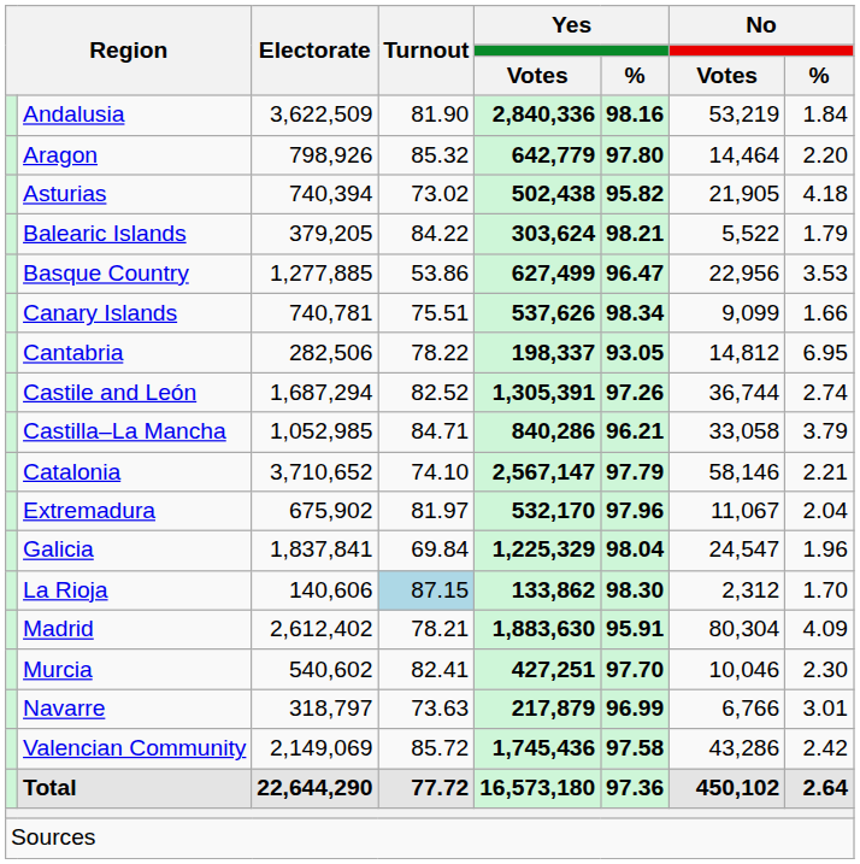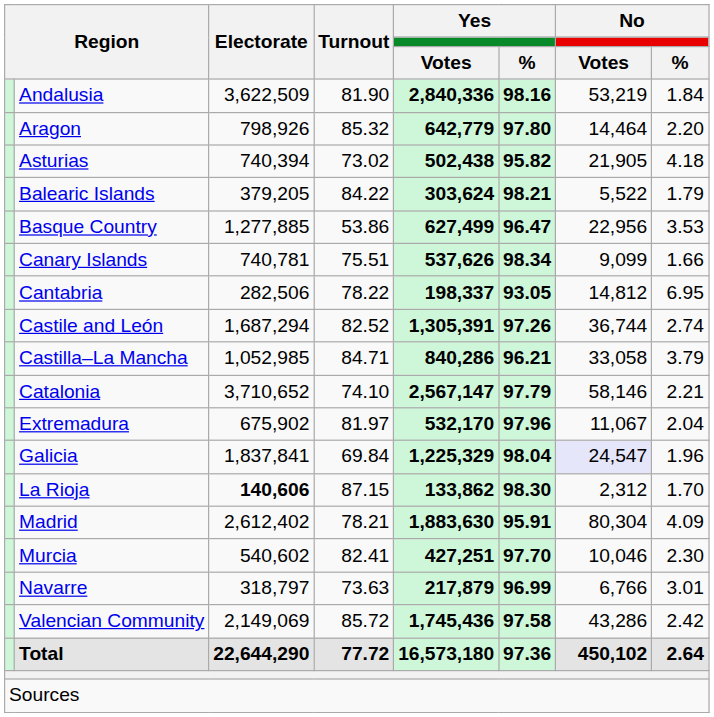 <table class="wikitable sortable" style="text-align:right; line-height:20px;">
 <tr>
 <th width="150" colspan="2" rowspan="3">Region</th>
 <th rowspan="3">Electorate</th>
 <th rowspan="3">Turnout</th>
 <th width="120" colspan="2">Yes</th>
 <th width="120" colspan="2">No</th>
 </tr>
 <tr>
 <th colspan="2" style="background:#088A29;"></th>
 <th colspan="2" style="background:#E90000;"></th>
 </tr>
 <tr>
 <th>Votes</th>
 <th>%</th>
 <th>Votes</th>
 <th>%</th>
 </tr>
 <tr>
 <td width="1" style="color:inherit;background:#CEF6D8;"></td>
 <td align="left"><a href='#'>Andalusia</a></td>
 <td>3,622,509</td>
 <td>81.90</td>
 <td style="background:#CEF6D8;"><strong>2,840,336</strong></td>
 <td style="background:#CEF6D8;"><strong>98.16</strong></td>
 <td>53,219</td>
 <td>1.84</td>
 </tr>
 <tr>
 <td style="color:inherit;background:#CEF6D8;"></td>
 <td align="left"><a href='#'>Aragon</a></td>
 <td>798,926</td>
 <td>85.32</td>
 <td style="background:#CEF6D8;"><strong>642,779</strong></td>
 <td style="background:#CEF6D8;"><strong>97.80</strong></td>
 <td>14,464</td>
 <td>2.20</td>
 </tr>
 <tr>
 <td style="color:inherit;background:#CEF6D8;"></td>
 <td align="left"><a href='#'>Asturias</a></td>
 <td>740,394</td>
 <td>73.02</td>
 <td style="background:#CEF6D8;"><strong>502,438</strong></td>
 <td style="background:#CEF6D8;"><strong>95.82</strong></td>
 <td>21,905</td>
 <td>4.18</td>
 </tr>
 <tr>
 <td style="color:inherit;background:#CEF6D8;"></td>
 <td align="left"><a href='#'>Balearic Islands</a></td>
 <td>379,205</td>
 <td>84.22</td>
 <td style="background:#CEF6D8;"><strong>303,624</strong></td>
 <td style="background:#CEF6D8;"><strong>98.21</strong></td>
 <td>5,522</td>
 <td>1.79</td>
 </tr>
 <tr>
 <td style="color:inherit;background:#CEF6D8;"></td>
 <td align="left"><a href='#'>Basque Country</a></td>
 <td>1,277,885</td>
 <td>53.86</td>
 <td style="background:#CEF6D8;"><strong>627,499</strong></td>
 <td style="background:#CEF6D8;"><strong>96.47</strong></td>
 <td>22,956</td>
 <td>3.53</td>
 </tr>
 <tr>
 <td style="color:inherit;background:#CEF6D8;"></td>
 <td align="left"><a href='#'>Canary Islands</a></td>
 <td>740,781</td>
 <td>75.51</td>
 <td style="background:#CEF6D8;"><strong>537,626</strong></td>
 <td style="background:#CEF6D8;"><strong>98.34</strong></td>
 <td>9,099</td>
 <td>1.66</td>
 </tr>
 <tr>
 <td style="color:inherit;background:#CEF6D8;"></td>
 <td align="left"><a href='#'>Cantabria</a></td>
 <td>282,506</td>
 <td>78.22</td>
 <td style="background:#CEF6D8;"><strong>198,337</strong></td>
 <td style="background:#CEF6D8;"><strong>93.05</strong></td>
 <td>14,812</td>
 <td>6.95</td>
 </tr>
 <tr>
 <td style="color:inherit;background:#CEF6D8;"></td>
 <td align="left"><a href='#'>Castile and León</a></td>
 <td>1,687,294</td>
 <td>82.52</td>
 <td style="background:#CEF6D8;"><strong>1,305,391</strong></td>
 <td style="background:#CEF6D8;"><strong>97.26</strong></td>
 <td>36,744</td>
 <td>2.74</td>
 </tr>
 <tr>
 <td style="color:inherit;background:#CEF6D8;"></td>
 <td align="left"><a href='#'>Castilla–La Mancha</a></td>
 <td>1,052,985</td>
 <td>84.71</td>
 <td style="background:#CEF6D8;"><strong>840,286</strong></td>
 <td style="background:#CEF6D8;"><strong>96.21</strong></td>
 <td>33,058</td>
 <td>3.79</td>
 </tr>
 <tr>
 <td style="color:inherit;background:#CEF6D8;"></td>
 <td align="left"><a href='#'>Catalonia</a></td>
 <td>3,710,652</td>
 <td>74.10</td>
 <td style="background:#CEF6D8;"><strong>2,567,147</strong></td>
 <td style="background:#CEF6D8;"><strong>97.79</strong></td>
 <td>58,146</td>
 <td>2.21</td>
 </tr>
 <tr>
 <td style="color:inherit;background:#CEF6D8;"></td>
 <td align="left"><a href='#'>Extremadura</a></td>
 <td>675,902</td>
 <td>81.97</td>
 <td style="background:#CEF6D8;"><strong>532,170</strong></td>
 <td style="background:#CEF6D8;"><strong>97.96</strong></td>
 <td>11,067</td>
 <td>2.04</td>
 </tr>
 <tr>
 <td style="color:inherit;background:#CEF6D8;"></td>
 <td align="left"><a href='#'>Galicia</a></td>
 <td>1,837,841</td>
 <td>69.84</td>
 <td style="background:#CEF6D8;"><strong>1,225,329</strong></td>
 <td style="background:#CEF6D8;"><strong>98.04</strong></td>
-<td>24,547</td>
+<td style="background: lavender;">24,547</td>
 <td>1.96</td>
 </tr>
 <tr>
 <td style="color:inherit;background:#CEF6D8;"></td>
 <td align="left"><a href='#'>La Rioja</a></td>
-<td>140,606</td>
-<td style="background: lightblue;">87.15</td>
+<td><strong>140,606</strong></td>
+<td>87.15</td>
 <td style="background:#CEF6D8;"><strong>133,862</strong></td>
 <td style="background:#CEF6D8;"><strong>98.30</strong></td>
 <td>2,312</td>
 <td>1.70</td>
 </tr>
 <tr>
 <td style="color:inherit;background:#CEF6D8;"></td>
 <td align="left"><a href='#'>Madrid</a></td>
 <td>2,612,402</td>
 <td>78.21</td>
 <td style="background:#CEF6D8;"><strong>1,883,630</strong></td>
 <td style="background:#CEF6D8;"><strong>95.91</strong></td>
 <td>80,304</td>
 <td>4.09</td>
 </tr>
 <tr>
 <td style="color:inherit;background:#CEF6D8;"></td>
 <td align="left"><a href='#'>Murcia</a></td>
 <td>540,602</td>
 <td>82.41</td>
 <td style="background:#CEF6D8;"><strong>427,251</strong></td>
 <td style="background:#CEF6D8;"><strong>97.70</strong></td>
 <td>10,046</td>
 <td>2.30</td>
 </tr>
 <tr>
 <td style="color:inherit;background:#CEF6D8;"></td>
 <td align="left"><a href='#'>Navarre</a></td>
 <td>318,797</td>
 <td>73.63</td>
 <td style="background:#CEF6D8;"><strong>217,879</strong></td>
 <td style="background:#CEF6D8;"><strong>96.99</strong></td>
 <td>6,766</td>
 <td>3.01</td>
 </tr>
 <tr>
 <td style="color:inherit;background:#CEF6D8;"></td>
 <td align="left"><a href='#'>Valencian Community</a></td>
 <td>2,149,069</td>
 <td>85.72</td>
 <td style="background:#CEF6D8;"><strong>1,745,436</strong></td>
 <td style="background:#CEF6D8;"><strong>97.58</strong></td>
 <td>43,286</td>
 <td>2.42</td>
 </tr>
 <tr style="font-weight:bold;background:#E4E4E4;">
 <td style="color:inherit;background:#CEF6D8;"></td>
 <td align="left">Total</td>
 <td>22,644,290</td>
 <td>77.72</td>
 <td style="background:#CEF6D8;">16,573,180</td>
 <td style="background:#CEF6D8;">97.36</td>
 <td>450,102</td>
 <td>2.64</td>
 </tr>
 <tr>
 <th colspan="8"></th>
 </tr>
 <tr>
 <th style="text-align:left; font-weight:normal; background:#F9F9F9" colspan="8">Sources</th>
 </tr>
 </table>
